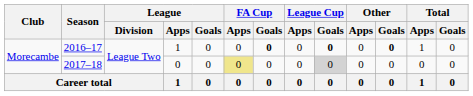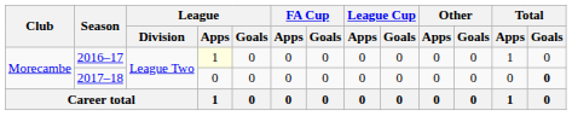 <table class="wikitable" style="text-align:center">
 <tr>
 <th rowspan="2">Club</th>
 <th rowspan="2">Season</th>
 <th colspan="3">League</th>
 <th colspan="2"><a href='#'>FA Cup</a></th>
 <th colspan="2"><a href='#'>League Cup</a></th>
 <th colspan="2">Other</th>
 <th colspan="2">Total</th>
 </tr>
 <tr>
 <th>Division</th>
 <th>Apps</th>
 <th>Goals</th>
 <th>Apps</th>
 <th>Goals</th>
 <th>Apps</th>
 <th>Goals</th>
 <th>Apps</th>
 <th>Goals</th>
 <th>Apps</th>
 <th>Goals</th>
 </tr>
 <tr>
 <td rowspan="2"><a href='#'>Morecambe</a></td>
 <td><a href='#'>2016–17</a></td>
 <td rowspan="2"><a href='#'>League Two</a></td>
-<td>1</td>
+<td style="background: lightyellow;">1</td>
 <td>0</td>
 <td>0</td>
-<td><strong>0</strong></td>
 <td>0</td>
-<td><strong>0</strong></td>
 <td>0</td>
-<td><strong>0</strong></td>
+<td>0</td>
+<td>0</td>
+<td>0</td>
 <td>1</td>
 <td>0</td>
 </tr>
 <tr>
 <td><a href='#'>2017–18</a></td>
 <td>0</td>
 <td>0</td>
-<td style="background: khaki;">0</td>
-<td>0</td>
-<td>0</td>
-<td style="background: lightgrey;">0</td>
 <td>0</td>
 <td>0</td>
 <td>0</td>
 <td>0</td>
+<td>0</td>
+<td>0</td>
+<td>0</td>
+<td><strong>0</strong></td>
 </tr>
 <tr>
 <th colspan="3">Career total</th>
 <th>1</th>
 <th>0</th>
 <th>0</th>
 <th>0</th>
 <th>0</th>
 <th>0</th>
 <th>0</th>
 <th>0</th>
 <th>1</th>
 <th>0</th>
 </tr>
 </table>
